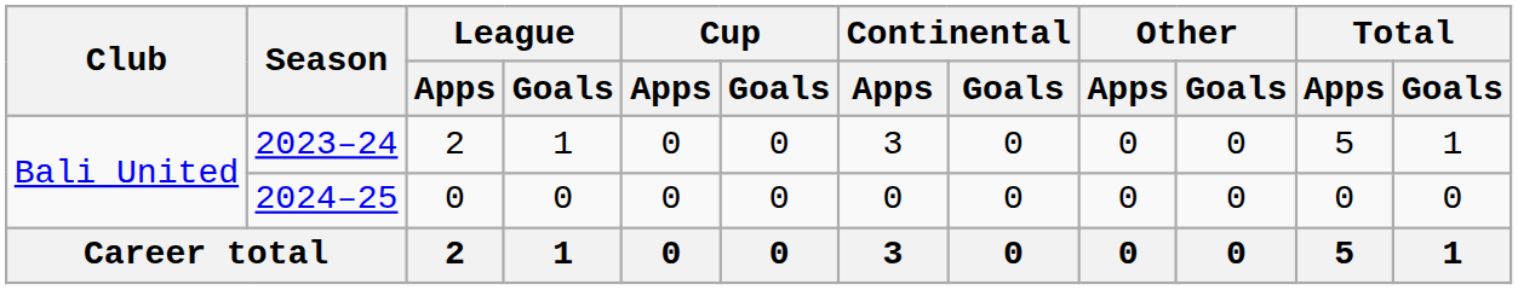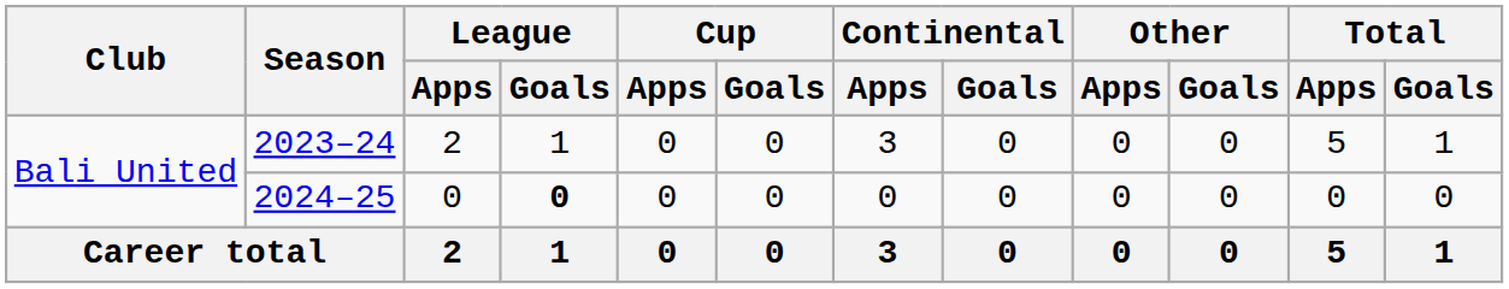 <table class="wikitable" style="text-align: center">
 <tr>
 <th rowspan="2">Club</th>
 <th rowspan="2">Season</th>
 <th colspan="2">League</th>
 <th colspan="2">Cup</th>
 <th colspan="2">Continental</th>
 <th colspan="2">Other</th>
 <th colspan="2">Total</th>
 </tr>
 <tr>
 <th>Apps</th>
 <th>Goals</th>
 <th>Apps</th>
 <th>Goals</th>
 <th>Apps</th>
 <th>Goals</th>
 <th>Apps</th>
 <th>Goals</th>
 <th>Apps</th>
 <th>Goals</th>
 </tr>
 <tr>
 <td rowspan="2" valign="center"><a href='#'>Bali United</a></td>
 <td><a href='#'>2023–24</a></td>
 <td>2</td>
 <td>1</td>
 <td>0</td>
 <td>0</td>
 <td>3</td>
 <td>0</td>
 <td>0</td>
 <td>0</td>
 <td>5</td>
 <td>1</td>
 </tr>
 <tr>
 <td><a href='#'>2024–25</a></td>
 <td>0</td>
-<td>0</td>
+<td><strong>0</strong></td>
 <td>0</td>
 <td>0</td>
 <td>0</td>
 <td>0</td>
 <td>0</td>
 <td>0</td>
 <td>0</td>
 <td>0</td>
 </tr>
 <tr>
 <th colspan=2>Career total</th>
 <th>2</th>
 <th>1</th>
 <th>0</th>
 <th>0</th>
 <th>3</th>
 <th>0</th>
 <th>0</th>
 <th>0</th>
 <th>5</th>
 <th>1</th>
 </tr>
 </table>
